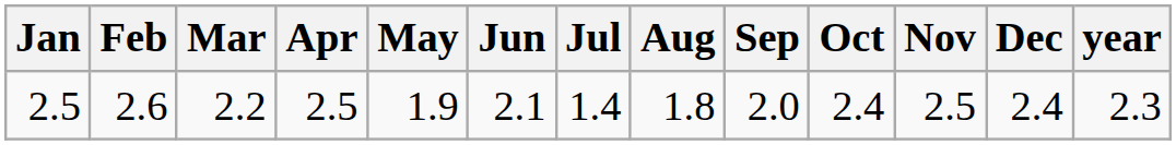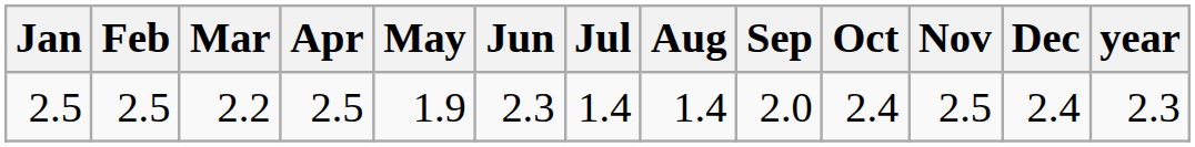 <table class="wikitable" style="text-align:right;">
 <tr>
 <th>Jan</th>
 <th>Feb</th>
 <th>Mar</th>
 <th>Apr</th>
 <th>May</th>
 <th>Jun</th>
 <th>Jul</th>
 <th>Aug</th>
 <th>Sep</th>
 <th>Oct</th>
 <th>Nov</th>
 <th>Dec</th>
 <th>year</th>
 </tr>
 <tr>
 <td>2.5</td>
-<td>2.6</td>
+<td>2.5</td>
 <td>2.2</td>
 <td>2.5</td>
 <td>1.9</td>
-<td>2.1</td>
+<td>2.3</td>
 <td>1.4</td>
-<td>1.8</td>
+<td>1.4</td>
 <td>2.0</td>
 <td>2.4</td>
 <td>2.5</td>
 <td>2.4</td>
 <td>2.3</td>
 </tr>
 </table>
